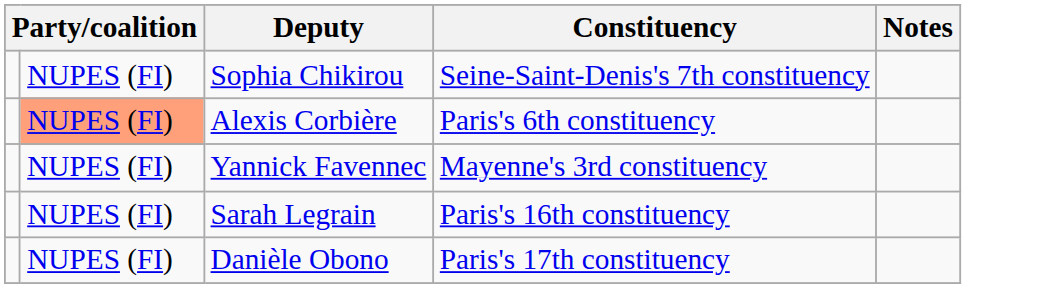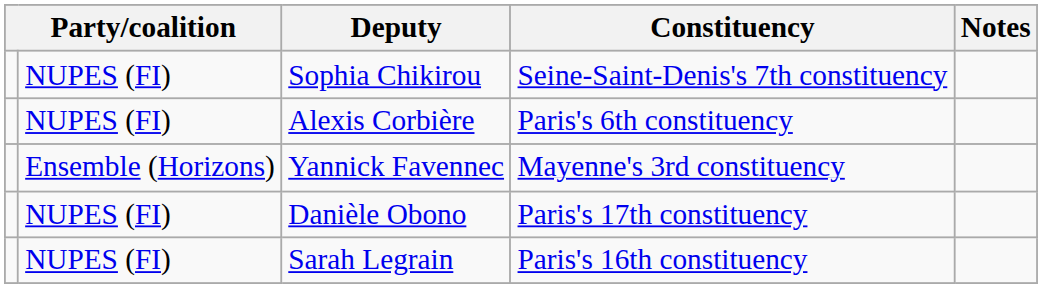 <table class="wikitable sortable">
 <tr>
 <th colspan="2">Party/coalition</th>
 <th>Deputy</th>
 <th>Constituency</th>
 <th>Notes</th>
 </tr>
 <tr>
 <td style="background-color: "></td>
 <td><a href='#'>NUPES</a> (<a href='#'>FI</a>)</td>
 <td data-sort-value="Polutele, Napole"><a href='#'>Sophia Chikirou</a></td>
 <td><a href='#'>Seine-Saint-Denis's 7th constituency</a></td>
 <td></td>
 </tr>
 <tr>
 <td style="background-color: "></td>
-<td style="background: lightsalmon;"><a href='#'>NUPES</a> (<a href='#'>FI</a>)</td>
+<td><a href='#'>NUPES</a> (<a href='#'>FI</a>)</td>
 <td data-sort-value="Molac, Paul"><a href='#'>Alexis Corbière</a></td>
 <td><a href='#'>Paris's 6th constituency</a></td>
 <td></td>
 </tr>
 <tr>
 <td style="background-color: "></td>
-<td><a href='#'>NUPES</a> (<a href='#'>FI</a>)</td>
+<td><a href='#'>Ensemble</a> (<a href='#'>Horizons</a>)</td>
 <td data-sort-value="Maillard, Sylain"><a href='#'>Yannick Favennec</a></td>
 <td><a href='#'>Mayenne's 3rd constituency</a></td>
+<td></td>
+</tr>
+<tr>
+<td style="background-color: "></td>
+<td><a href='#'>NUPES</a> (<a href='#'>FI</a>)</td>
+<td><a href='#'>Danièle Obono</a></td>
+<td><a href='#'>Paris's 17th constituency</a></td>
 <td></td>
 </tr>
 <tr>
 <td style="background-color: "></td>
 <td><a href='#'>NUPES</a> (<a href='#'>FI</a>)</td>
 <td data-sort-value="Demilly,Stéphane"><a href='#'>Sarah Legrain</a></td>
 <td><a href='#'>Paris's 16th constituency</a></td>
 <td></td>
 </tr>
-<tr>
-<td style="background-color: "></td>
-<td><a href='#'>NUPES</a> (<a href='#'>FI</a>)</td>
-<td><a href='#'>Danièle Obono</a></td>
-<td><a href='#'>Paris's 17th constituency</a></td>
-<td></td>
-</tr>
 </table>
